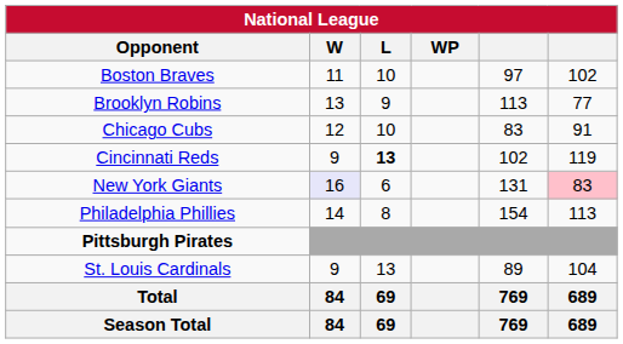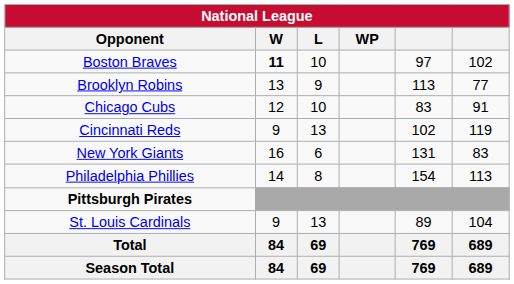 <table class="wikitable" style="font-size:95%; text-align:center; width:35em;margin: 0.5em auto;">
 <tr>
 <th colspan="7" style="background:#c60c30; color:#ffffff;">National League</th>
 </tr>
 <tr>
 <th>Opponent</th>
 <th>W</th>
 <th>L</th>
 <th>WP</th>
 <th></th>
 <th></th>
 </tr>
 <tr>
 <td><a href='#'>Boston Braves</a></td>
-<td>11</td>
+<td><strong>11</strong></td>
 <td>10</td>
 <td></td>
 <td>97</td>
 <td>102</td>
 </tr>
 <tr>
 <td><a href='#'>Brooklyn Robins</a></td>
 <td>13</td>
 <td>9</td>
 <td></td>
 <td>113</td>
 <td>77</td>
 </tr>
 <tr>
 <td><a href='#'>Chicago Cubs</a></td>
 <td>12</td>
 <td>10</td>
 <td></td>
 <td>83</td>
 <td>91</td>
 </tr>
 <tr>
 <td><a href='#'>Cincinnati Reds</a></td>
 <td>9</td>
-<td><strong>13</strong></td>
+<td>13</td>
 <td></td>
 <td>102</td>
 <td>119</td>
 </tr>
 <tr>
 <td><a href='#'>New York Giants</a></td>
-<td style="background: lavender;">16</td>
+<td>16</td>
 <td>6</td>
 <td></td>
 <td>131</td>
-<td style="background: pink;">83</td>
+<td>83</td>
 </tr>
 <tr>
 <td><a href='#'>Philadelphia Phillies</a></td>
 <td>14</td>
 <td>8</td>
 <td></td>
 <td>154</td>
 <td>113</td>
 </tr>
 <tr>
 <td><strong>Pittsburgh Pirates</strong></td>
 <td colspan=5 style="background:darkgray;"></td>
 </tr>
 <tr>
 <td><a href='#'>St. Louis Cardinals</a></td>
 <td>9</td>
 <td>13</td>
 <td></td>
 <td>89</td>
 <td>104</td>
 </tr>
 <tr>
 <th>Total</th>
 <th>84</th>
 <th>69</th>
 <th></th>
 <th>769</th>
 <th>689</th>
 </tr>
 <tr>
 <th>Season Total</th>
 <th>84</th>
 <th>69</th>
 <th></th>
 <th>769</th>
 <th>689</th>
 </tr>
 </table>
